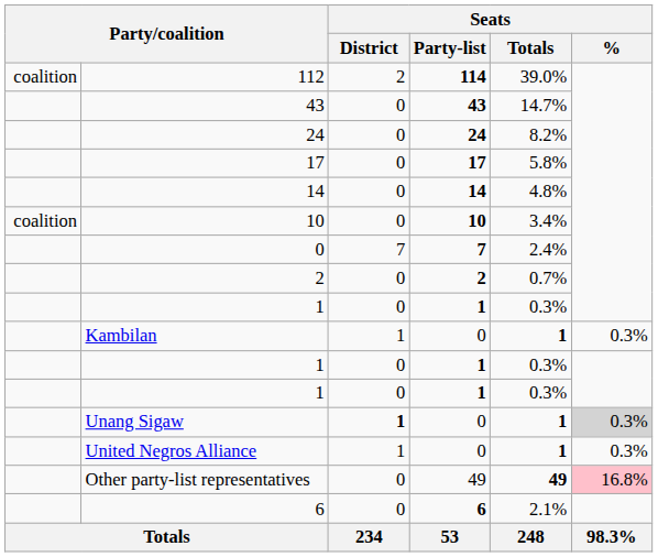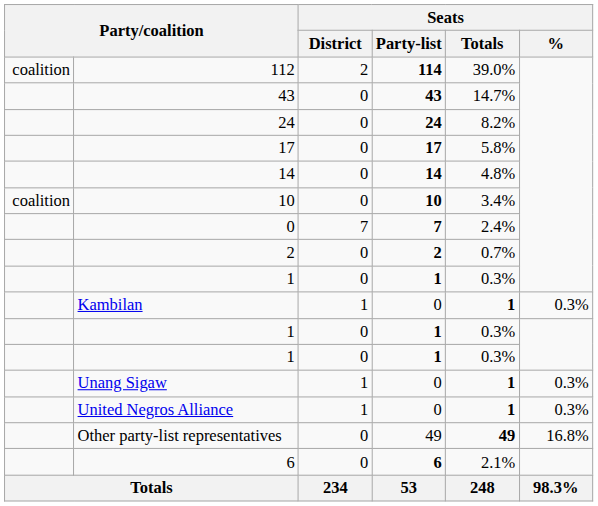 <table class=wikitable style="text-align:right;">
 <tr>
 <th rowspan=2 colspan=2>Party/coalition</th>
 <th colspan=4>Seats</th>
 </tr>
 <tr>
 <th width=12.5%>District</th>
 <th width=12.5%>Party-list</th>
 <th width=12.5%>Totals</th>
 <th width=12.5%>%</th>
 </tr>
 <tr>
 <td> coalition</td>
 <td>112</td>
 <td>2</td>
 <td><strong>114</strong></td>
 <td>39.0%</td>
 </tr>
 <tr>
 <td></td>
 <td>43</td>
 <td>0</td>
 <td><strong>43</strong></td>
 <td>14.7%</td>
 </tr>
 <tr>
 <td></td>
 <td>24</td>
 <td>0</td>
 <td><strong>24</strong></td>
 <td>8.2%</td>
 </tr>
 <tr>
 <td></td>
 <td>17</td>
 <td>0</td>
 <td><strong>17</strong></td>
 <td>5.8%</td>
 </tr>
 <tr>
 <td></td>
 <td>14</td>
 <td>0</td>
 <td><strong>14</strong></td>
 <td>4.8%</td>
 </tr>
 <tr>
 <td> coalition</td>
 <td>10</td>
 <td>0</td>
 <td><strong>10</strong></td>
 <td>3.4%</td>
 </tr>
 <tr>
 <td></td>
 <td>0</td>
 <td>7</td>
 <td><strong>7</strong></td>
 <td>2.4%</td>
 </tr>
 <tr>
 <td></td>
 <td>2</td>
 <td>0</td>
 <td><strong>2</strong></td>
 <td>0.7%</td>
 </tr>
 <tr>
 <td></td>
 <td>1</td>
 <td>0</td>
 <td><strong>1</strong></td>
 <td>0.3%</td>
 </tr>
 <tr>
 <td></td>
 <td align=left><a href='#'>Kambilan</a></td>
 <td>1</td>
 <td>0</td>
 <td><strong>1</strong></td>
 <td>0.3%</td>
 </tr>
 <tr>
 <td></td>
 <td>1</td>
 <td>0</td>
 <td><strong>1</strong></td>
 <td>0.3%</td>
 </tr>
 <tr>
 <td></td>
 <td>1</td>
 <td>0</td>
 <td><strong>1</strong></td>
 <td>0.3%</td>
 </tr>
 <tr>
 <td></td>
 <td align=left><a href='#'>Unang Sigaw</a></td>
-<td><strong>1</strong></td>
+<td>1</td>
 <td>0</td>
 <td><strong>1</strong></td>
-<td style="background: lightgrey;">0.3%</td>
+<td>0.3%</td>
 </tr>
 <tr>
 <td></td>
 <td align=left><a href='#'>United Negros Alliance</a></td>
 <td>1</td>
 <td>0</td>
 <td><strong>1</strong></td>
 <td>0.3%</td>
 </tr>
 <tr>
 <td></td>
 <td align=left>Other party-list representatives</td>
 <td>0</td>
 <td>49</td>
 <td><strong>49</strong></td>
-<td style="background: pink;">16.8%</td>
+<td>16.8%</td>
 </tr>
 <tr>
 <td></td>
 <td>6</td>
 <td>0</td>
 <td><strong>6</strong></td>
 <td>2.1%</td>
 </tr>
 <tr>
 <th colspan=2>Totals</th>
 <th>234</th>
 <th>53</th>
 <th>248</th>
 <th>98.3%</th>
 </tr>
 </table>
